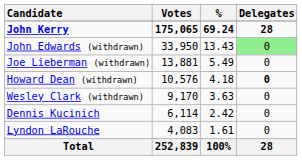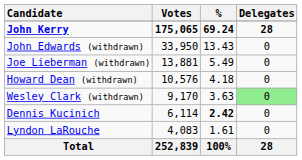 <table class="wikitable sortable plainrowheaders" style="text-align:right;">
 <tr>
 <th style="text-align:left;">Candidate</th>
 <th>Votes</th>
 <th>%</th>
 <th>Delegates</th>
 </tr>
 <tr>
 </tr>
 <tr>
 <td style="text-align:left;"><strong><a href='#'>John Kerry</a></strong></td>
 <td><strong>175,065</strong></td>
 <td><strong>69.24</strong></td>
 <td style="text-align:center;"><strong>28</strong></td>
 </tr>
 <tr>
 <td style="text-align:left;"><a href='#'>John Edwards</a> <small>(withdrawn)</small></td>
 <td>33,950</td>
 <td>13.43</td>
-<td style="background: lightgreen; text-align:center;">0</td>
+<td style="text-align:center;">0</td>
 </tr>
 <tr>
 <td style="text-align:left;"><a href='#'>Joe Lieberman</a> <small>(withdrawn)</small></td>
 <td>13,881</td>
 <td>5.49</td>
 <td style="text-align:center;">0</td>
 </tr>
 <tr>
 <td style="text-align:left;"><a href='#'>Howard Dean</a> <small>(withdrawn)</small></td>
 <td>10,576</td>
 <td>4.18</td>
-<td style="text-align:center;"><strong>0</strong></td>
+<td style="text-align:center;">0</td>
 </tr>
 <tr>
 <td style="text-align:left;"><a href='#'>Wesley Clark</a> <small>(withdrawn)</small></td>
 <td>9,170</td>
 <td>3.63</td>
-<td style="text-align:center;">0</td>
+<td style="background: lightgreen; text-align:center;">0</td>
 </tr>
 <tr>
 <td style="text-align:left;"><a href='#'>Dennis Kucinich</a></td>
 <td>6,114</td>
-<td>2.42</td>
+<td><strong>2.42</strong></td>
 <td style="text-align:center;">0</td>
 </tr>
 <tr>
 <td style="text-align:left;"><a href='#'>Lyndon LaRouche</a></td>
 <td>4,083</td>
 <td>1.61</td>
 <td style="text-align:center;">0</td>
 </tr>
 <tr class="sortbottom">
 <th>Total</th>
 <th>252,839</th>
 <th>100%</th>
 <th>28</th>
 </tr>
 </table>
